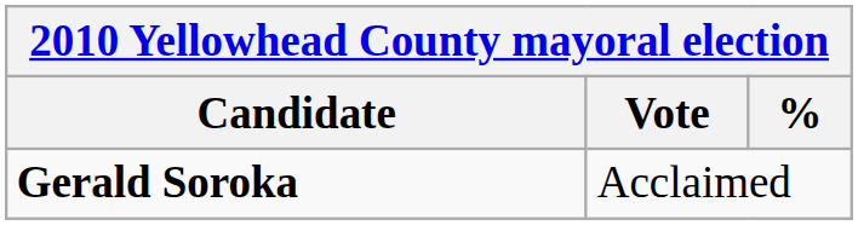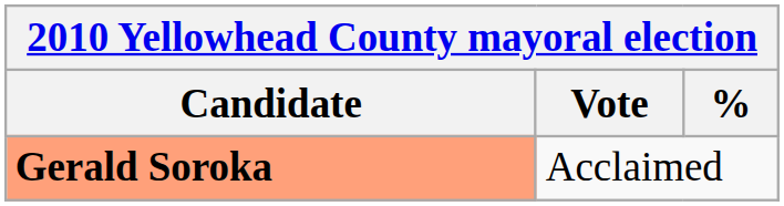 <table class="wikitable">
 <tr>
 <th colspan="3"><a href='#'>2010 Yellowhead County mayoral election</a></th>
 </tr>
 <tr>
 <th bgcolor="#DDDDFF" width="200px">Candidate</th>
 <th bgcolor="#DDDDFF" width="50px">Vote</th>
 <th bgcolor="#DDDDFF" width="30px">%</th>
 </tr>
 <tr>
-<td><strong>Gerald Soroka</strong></td>
+<td style="background: lightsalmon;"><strong>Gerald Soroka</strong></td>
 <td colspan="2">Acclaimed</td>
 </tr>
 </table>
